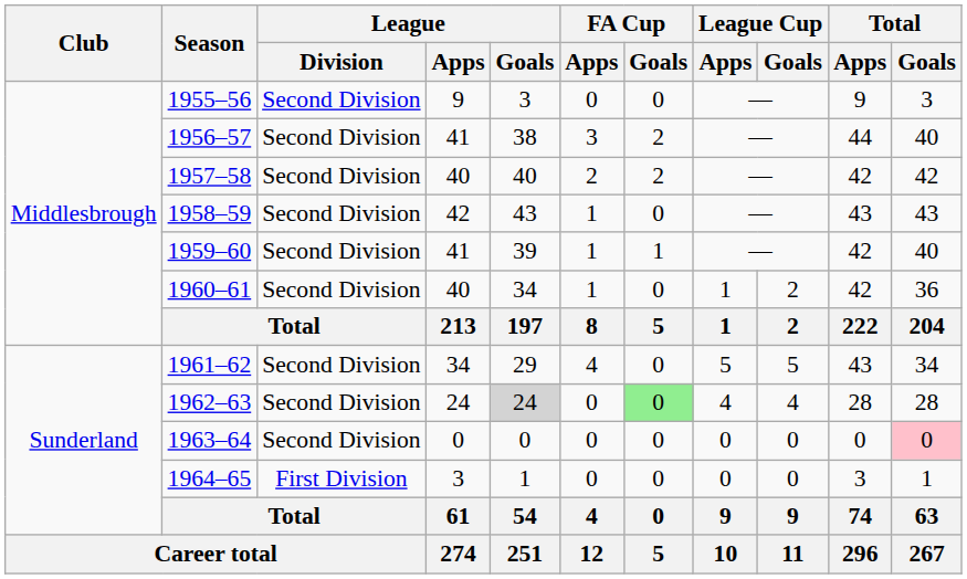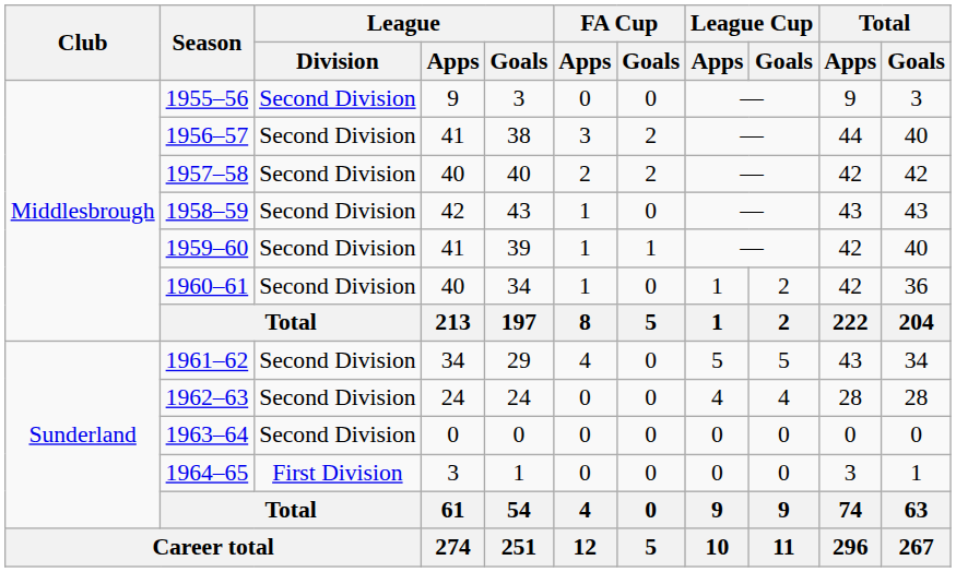 <table class="wikitable" style="text-align: center;">
 <tr>
 <th rowspan="2">Club</th>
 <th rowspan="2">Season</th>
 <th colspan="3">League</th>
 <th colspan="2">FA Cup</th>
 <th colspan="2">League Cup</th>
 <th colspan="2">Total</th>
 </tr>
 <tr>
 <th>Division</th>
 <th>Apps</th>
 <th>Goals</th>
 <th>Apps</th>
 <th>Goals</th>
 <th>Apps</th>
 <th>Goals</th>
 <th>Apps</th>
 <th>Goals</th>
 </tr>
 <tr>
 <td rowspan="7"><a href='#'>Middlesbrough</a></td>
 <td><a href='#'>1955–56</a></td>
 <td><a href='#'>Second Division</a></td>
 <td>9</td>
 <td>3</td>
 <td>0</td>
 <td>0</td>
 <td colspan="2">—</td>
 <td>9</td>
 <td>3</td>
 </tr>
 <tr>
 <td><a href='#'>1956–57</a></td>
 <td>Second Division</td>
 <td>41</td>
 <td>38</td>
 <td>3</td>
 <td>2</td>
 <td colspan="2">—</td>
 <td>44</td>
 <td>40</td>
 </tr>
 <tr>
 <td><a href='#'>1957–58</a></td>
 <td>Second Division</td>
 <td>40</td>
 <td>40</td>
 <td>2</td>
 <td>2</td>
 <td colspan="2">—</td>
 <td>42</td>
 <td>42</td>
 </tr>
 <tr>
 <td><a href='#'>1958–59</a></td>
 <td>Second Division</td>
 <td>42</td>
 <td>43</td>
 <td>1</td>
 <td>0</td>
 <td colspan="2">—</td>
 <td>43</td>
 <td>43</td>
 </tr>
 <tr>
 <td><a href='#'>1959–60</a></td>
 <td>Second Division</td>
 <td>41</td>
 <td>39</td>
 <td>1</td>
 <td>1</td>
 <td colspan="2">—</td>
 <td>42</td>
 <td>40</td>
 </tr>
 <tr>
 <td><a href='#'>1960–61</a></td>
 <td>Second Division</td>
 <td>40</td>
 <td>34</td>
 <td>1</td>
 <td>0</td>
 <td>1</td>
 <td>2</td>
 <td>42</td>
 <td>36</td>
 </tr>
 <tr>
 <th colspan="2">Total</th>
 <th>213</th>
 <th>197</th>
 <th>8</th>
 <th>5</th>
 <th>1</th>
 <th>2</th>
 <th>222</th>
 <th>204</th>
 </tr>
 <tr>
 <td rowspan="5"><a href='#'>Sunderland</a></td>
 <td><a href='#'>1961–62</a></td>
 <td>Second Division</td>
 <td>34</td>
 <td>29</td>
 <td>4</td>
 <td>0</td>
 <td>5</td>
 <td>5</td>
 <td>43</td>
 <td>34</td>
 </tr>
 <tr>
 <td><a href='#'>1962–63</a></td>
 <td>Second Division</td>
 <td>24</td>
-<td style="background: lightgrey;">24</td>
+<td>24</td>
 <td>0</td>
-<td style="background: lightgreen;">0</td>
+<td>0</td>
 <td>4</td>
 <td>4</td>
 <td>28</td>
 <td>28</td>
 </tr>
 <tr>
 <td><a href='#'>1963–64</a></td>
 <td>Second Division</td>
 <td>0</td>
 <td>0</td>
 <td>0</td>
 <td>0</td>
 <td>0</td>
 <td>0</td>
 <td>0</td>
-<td style="background: pink;">0</td>
+<td>0</td>
 </tr>
 <tr>
 <td><a href='#'>1964–65</a></td>
 <td><a href='#'>First Division</a></td>
 <td>3</td>
 <td>1</td>
 <td>0</td>
 <td>0</td>
 <td>0</td>
 <td>0</td>
 <td>3</td>
 <td>1</td>
 </tr>
 <tr>
 <th colspan="2">Total</th>
 <th>61</th>
 <th>54</th>
 <th>4</th>
 <th>0</th>
 <th>9</th>
 <th>9</th>
 <th>74</th>
 <th>63</th>
 </tr>
 <tr>
 <th colspan="3">Career total</th>
 <th>274</th>
 <th>251</th>
 <th>12</th>
 <th>5</th>
 <th>10</th>
 <th>11</th>
 <th>296</th>
 <th>267</th>
 </tr>
 </table>
